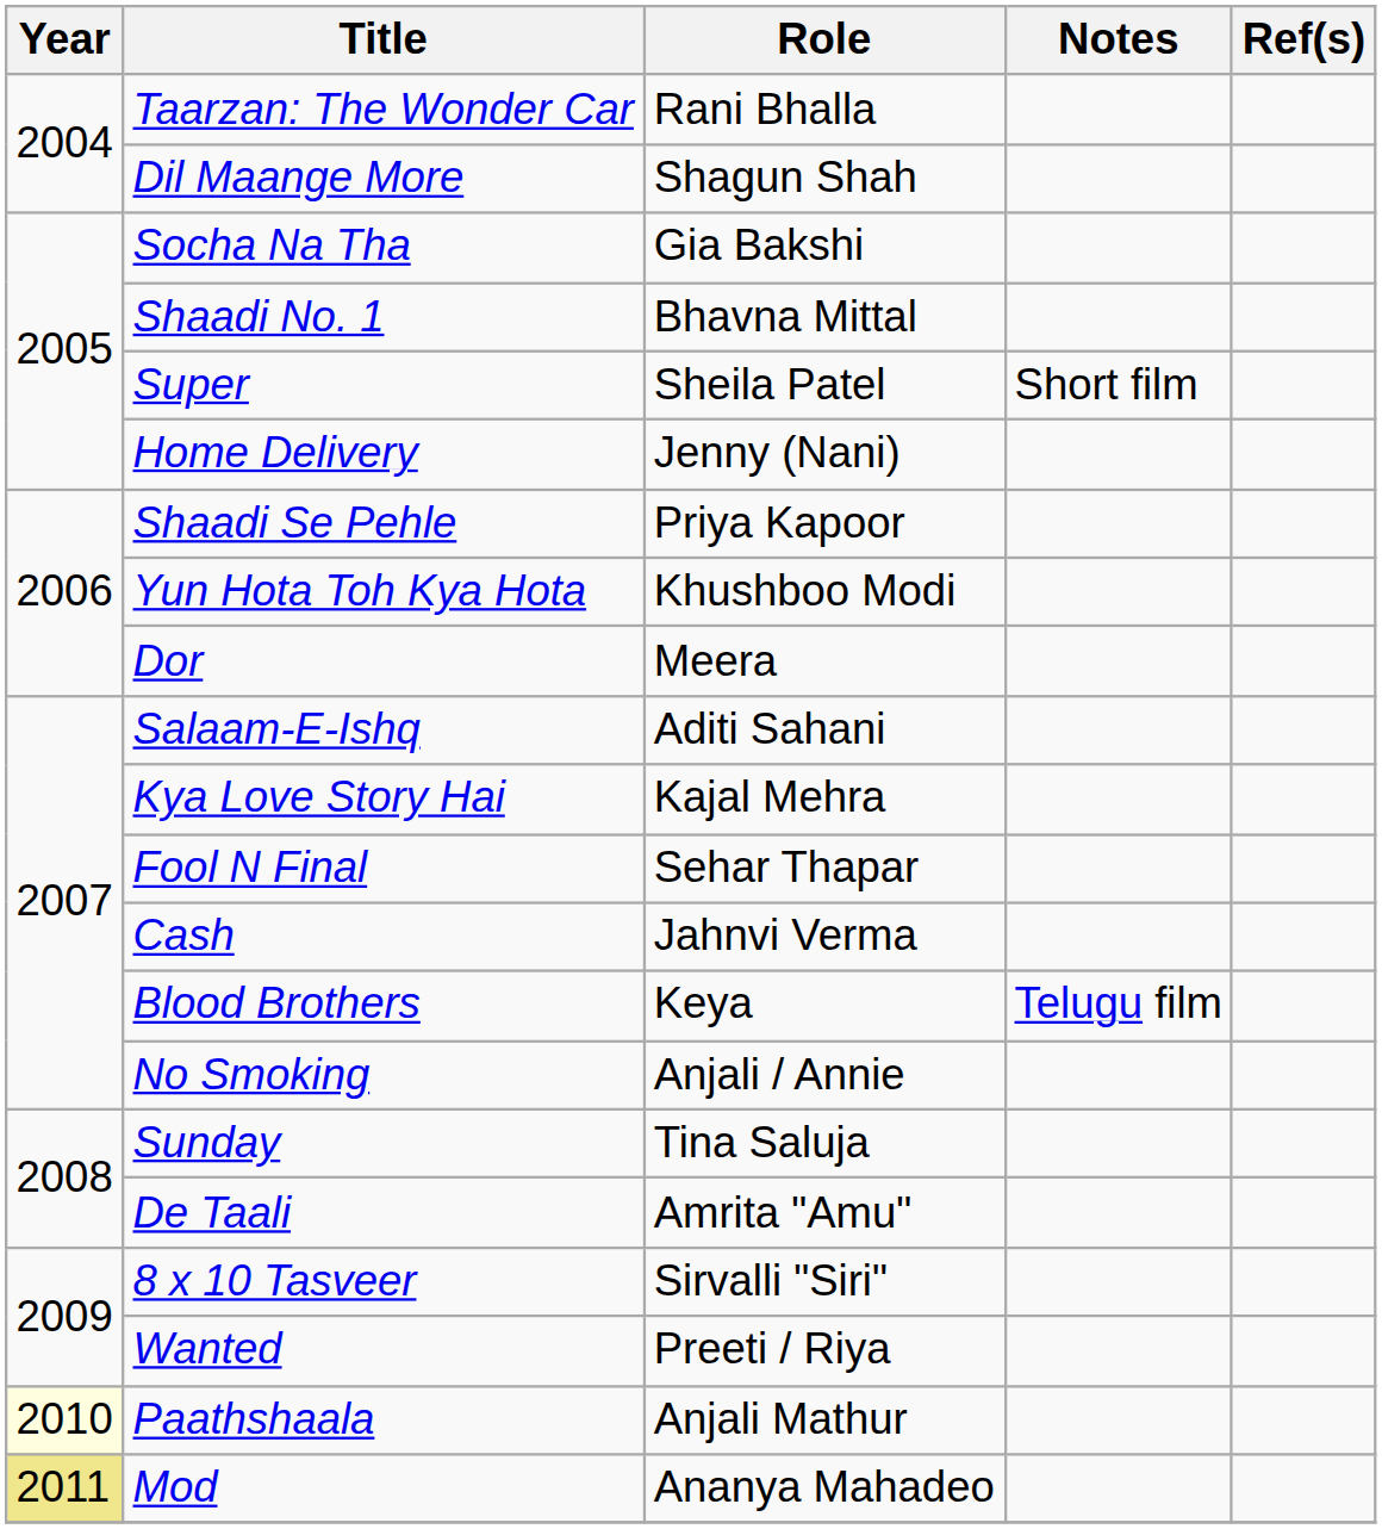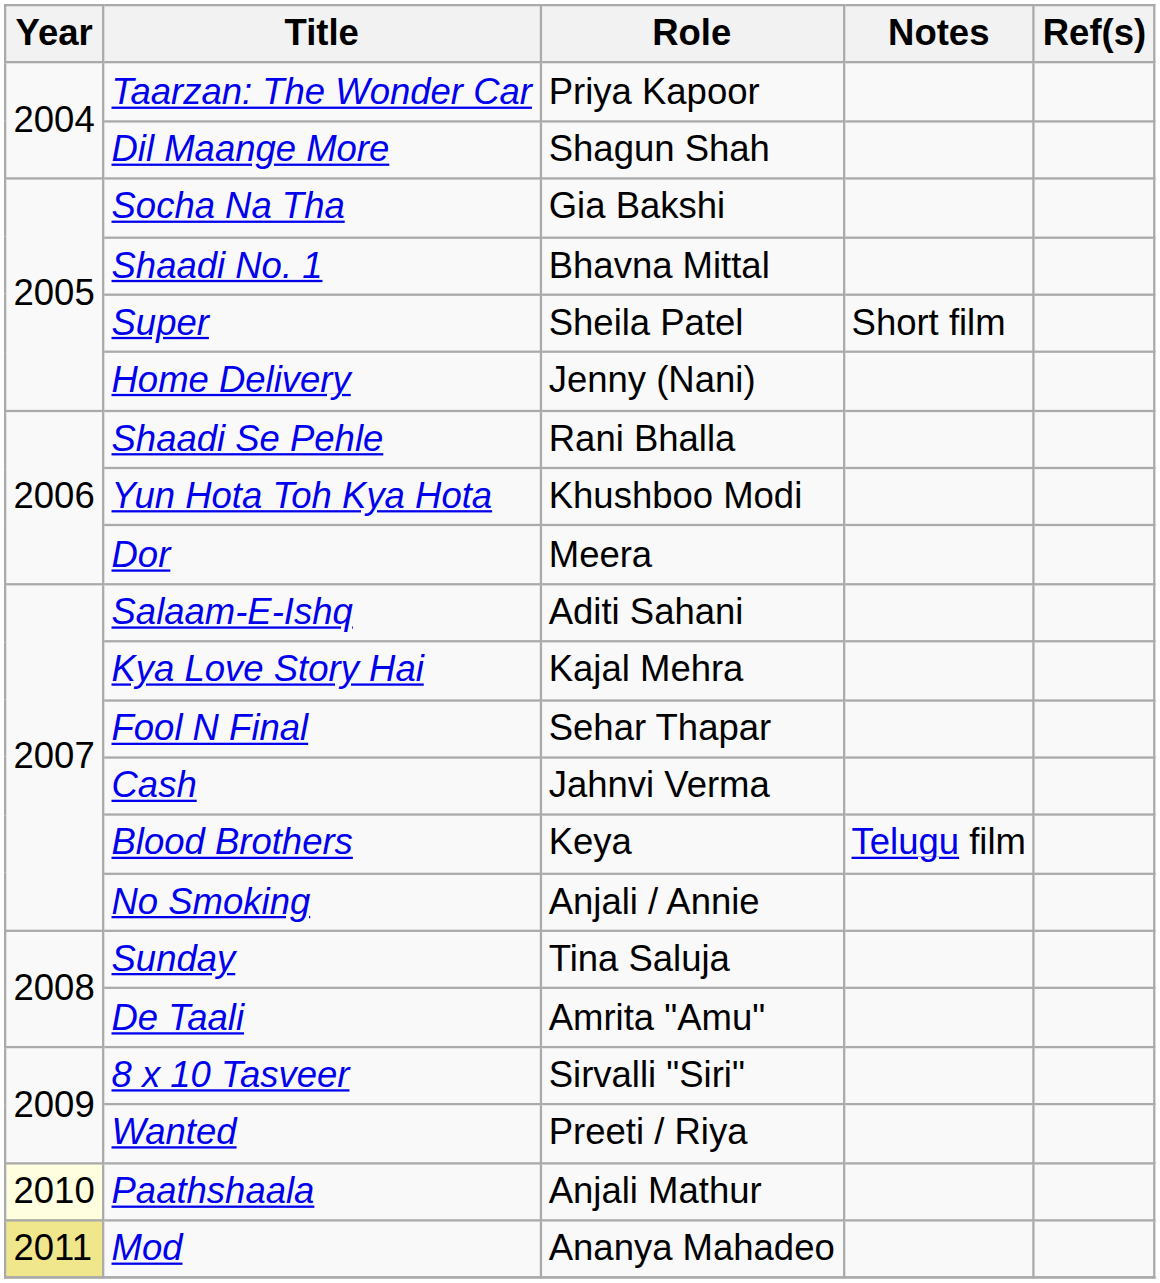 <table class="wikitable">
 <tr>
 <th>Year</th>
 <th>Title</th>
 <th>Role</th>
 <th>Notes</th>
 <th>Ref(s)</th>
 </tr>
 <tr>
 <td rowspan="2">2004</td>
 <td><em><a href='#'>Taarzan: The Wonder Car</a></em></td>
-<td>Rani Bhalla</td>
+<td>Priya Kapoor</td>
 <td></td>
 <td></td>
 </tr>
 <tr>
 <td><em><a href='#'>Dil Maange More</a></em></td>
 <td>Shagun Shah</td>
 <td></td>
 <td></td>
 </tr>
 <tr>
 <td rowspan="4">2005</td>
 <td><em><a href='#'>Socha Na Tha</a></em></td>
 <td>Gia Bakshi</td>
 <td></td>
 <td></td>
 </tr>
 <tr>
 <td><em><a href='#'>Shaadi No. 1</a></em></td>
 <td>Bhavna Mittal</td>
 <td></td>
 <td></td>
 </tr>
 <tr>
 <td><em><a href='#'>Super</a></em></td>
 <td>Sheila Patel</td>
 <td>Short film</td>
 <td></td>
 </tr>
 <tr>
 <td><em><a href='#'>Home Delivery</a></em></td>
 <td>Jenny (Nani)</td>
 <td></td>
 <td></td>
 </tr>
 <tr>
 <td rowspan="3">2006</td>
 <td><em><a href='#'>Shaadi Se Pehle</a></em></td>
-<td>Priya Kapoor</td>
+<td>Rani Bhalla</td>
 <td></td>
 <td></td>
 </tr>
 <tr>
 <td><em><a href='#'>Yun Hota Toh Kya Hota</a></em></td>
 <td>Khushboo Modi</td>
 <td></td>
 <td></td>
 </tr>
 <tr>
 <td><em><a href='#'>Dor</a></em></td>
 <td>Meera</td>
 <td></td>
 <td></td>
 </tr>
 <tr>
 <td rowspan="6">2007</td>
 <td><em><a href='#'>Salaam-E-Ishq</a></em></td>
 <td>Aditi Sahani</td>
 <td></td>
 <td></td>
 </tr>
 <tr>
 <td><em><a href='#'>Kya Love Story Hai</a></em></td>
 <td>Kajal Mehra</td>
 <td></td>
 <td></td>
 </tr>
 <tr>
 <td><em><a href='#'>Fool N Final</a></em></td>
 <td>Sehar Thapar</td>
 <td></td>
 <td></td>
 </tr>
 <tr>
 <td><em><a href='#'>Cash</a></em></td>
 <td>Jahnvi Verma</td>
 <td></td>
 <td></td>
 </tr>
 <tr>
 <td><em><a href='#'>Blood Brothers</a></em></td>
 <td>Keya</td>
 <td><a href='#'>Telugu</a> film</td>
 <td></td>
 </tr>
 <tr>
 <td><em><a href='#'>No Smoking</a></em></td>
 <td>Anjali / Annie</td>
 <td></td>
 <td></td>
 </tr>
 <tr>
 <td rowspan="2">2008</td>
 <td><em><a href='#'>Sunday</a></em></td>
 <td>Tina Saluja</td>
 <td></td>
 <td></td>
 </tr>
 <tr>
 <td><em><a href='#'>De Taali</a></em></td>
 <td>Amrita "Amu"</td>
 <td></td>
 <td></td>
 </tr>
 <tr>
 <td rowspan="2">2009</td>
 <td><em><a href='#'>8 x 10 Tasveer</a></em></td>
 <td>Sirvalli "Siri"</td>
 <td></td>
 <td></td>
 </tr>
 <tr>
 <td><em><a href='#'>Wanted</a></em></td>
 <td>Preeti / Riya</td>
 <td></td>
 <td></td>
 </tr>
 <tr>
 <td style="background: lightyellow;">2010</td>
 <td><em><a href='#'>Paathshaala</a></em></td>
 <td>Anjali Mathur</td>
 <td></td>
 <td></td>
 </tr>
 <tr>
 <td style="background: khaki;">2011</td>
 <td><em><a href='#'>Mod</a></em></td>
 <td>Ananya Mahadeo</td>
 <td></td>
 <td></td>
 </tr>
 <tr>
 </tr>
 </table>
